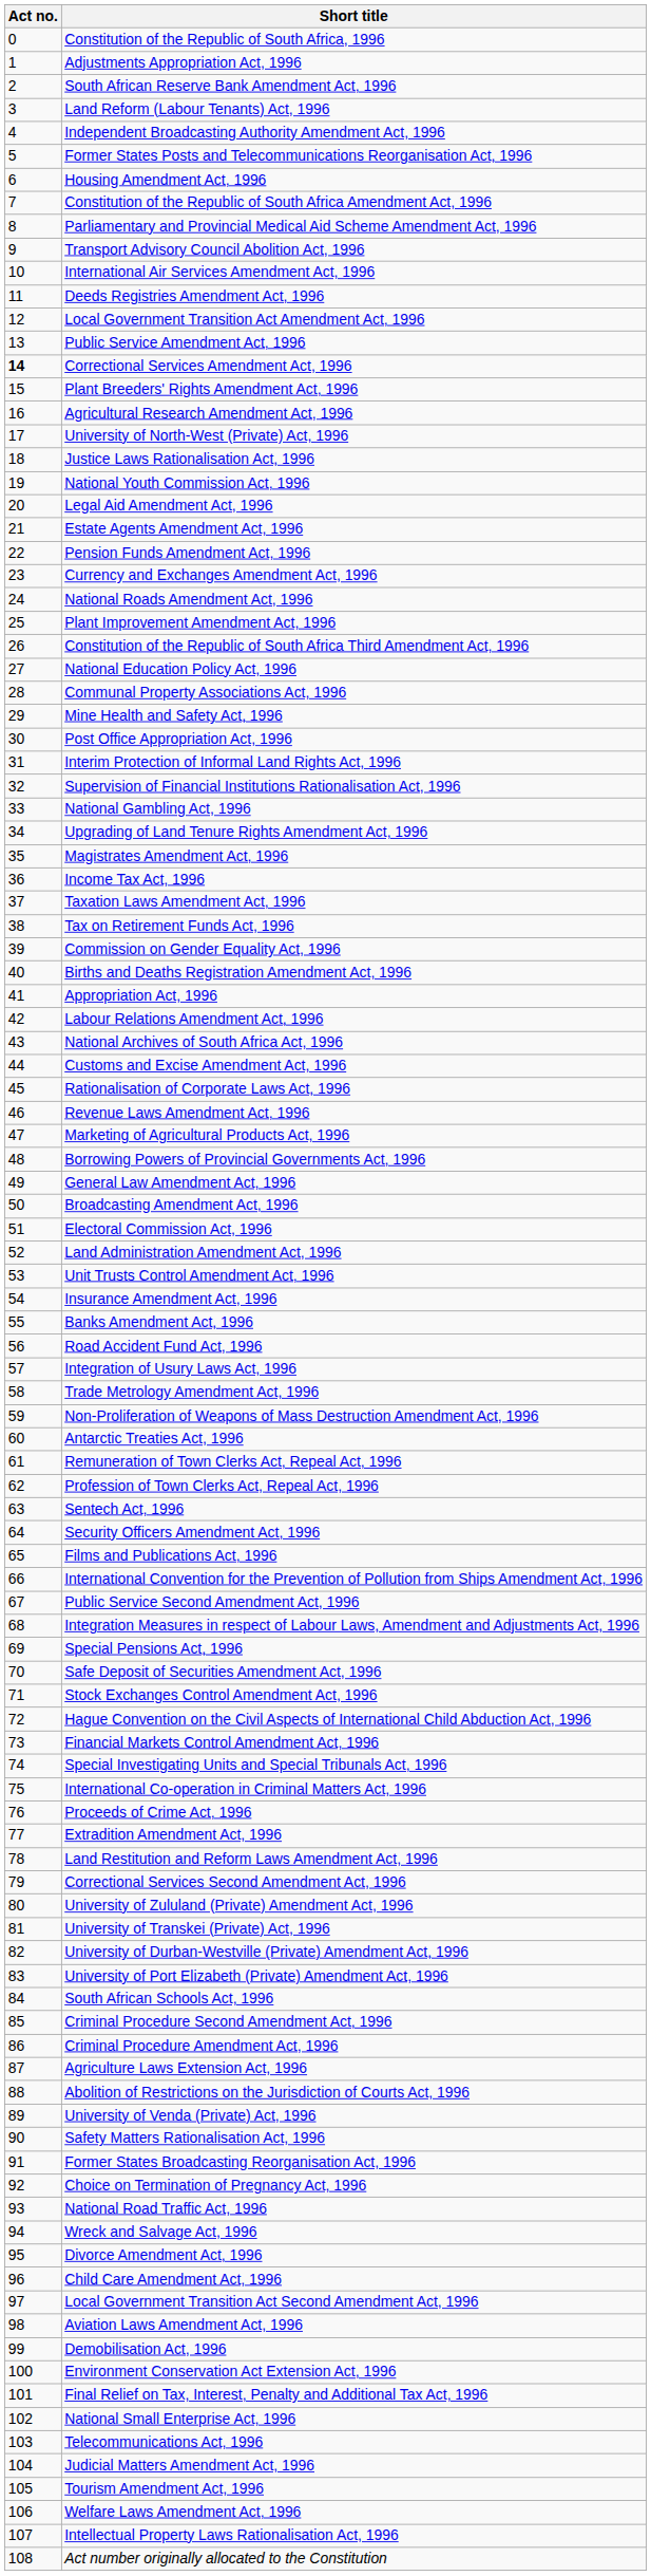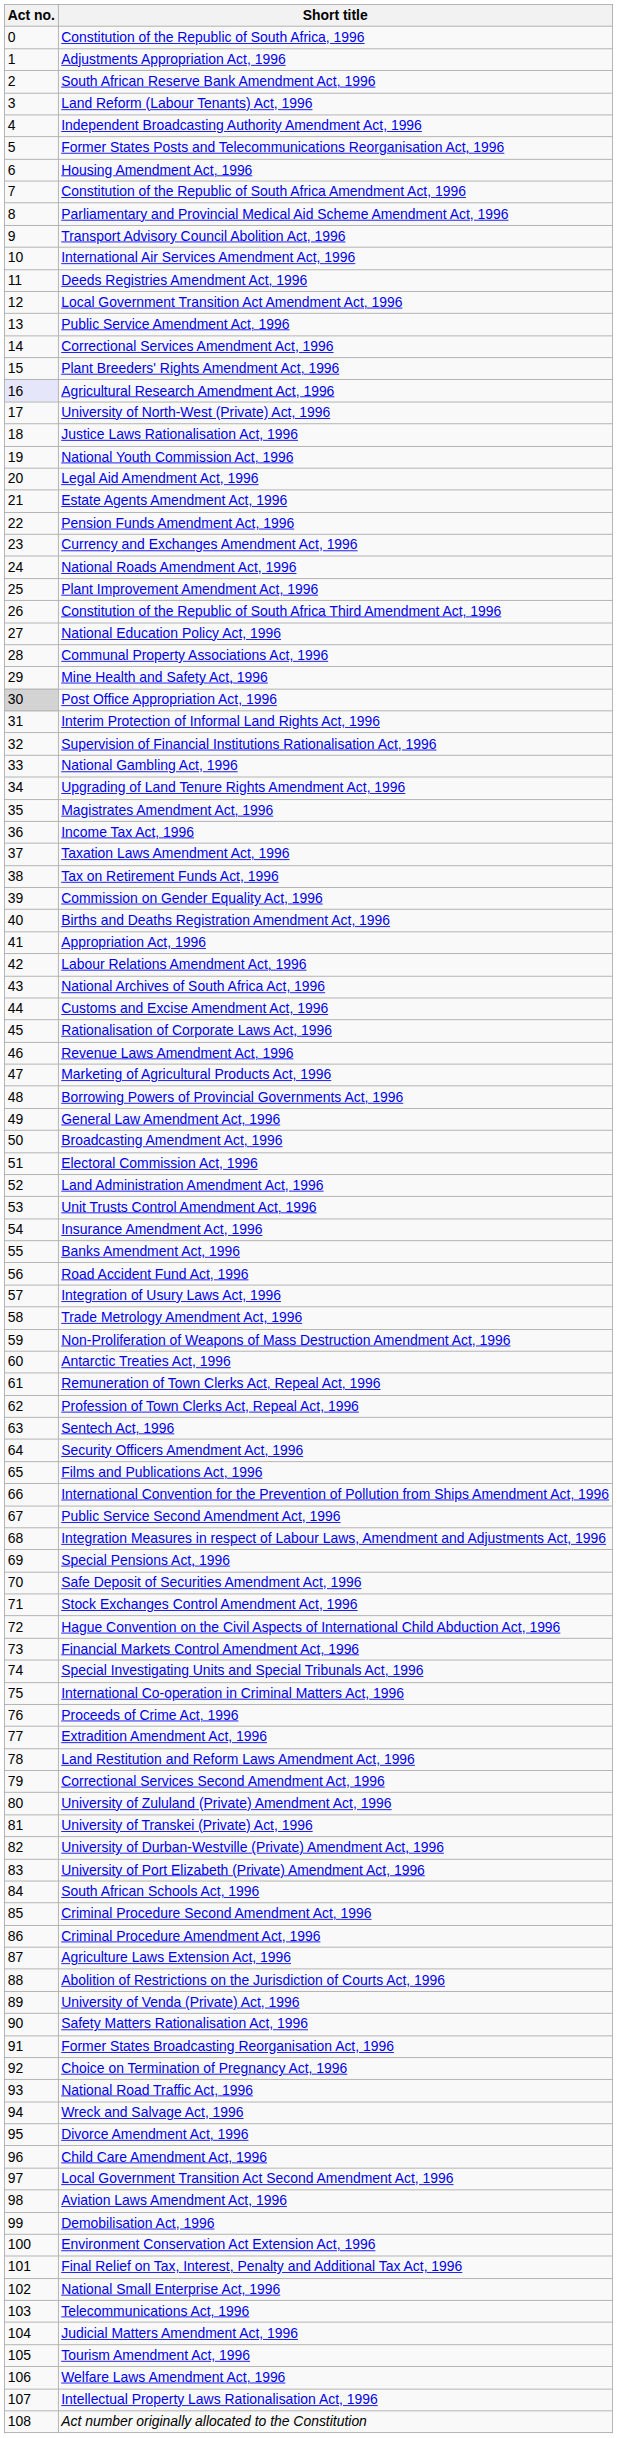 <table class="wikitable sortable">
 <tr>
 <th>Act no.</th>
 <th>Short title</th>
 </tr>
 <tr>
 <td><span>0</span></td>
 <td><a href='#'>Constitution of the Republic of South Africa, 1996</a></td>
 </tr>
 <tr>
 <td>1</td>
 <td><a href='#'>Adjustments Appropriation Act, 1996</a></td>
 </tr>
 <tr>
 <td>2</td>
 <td><a href='#'>South African Reserve Bank Amendment Act, 1996</a></td>
 </tr>
 <tr>
 <td>3</td>
 <td><a href='#'>Land Reform (Labour Tenants) Act, 1996</a></td>
 </tr>
 <tr>
 <td>4</td>
 <td><a href='#'>Independent Broadcasting Authority Amendment Act, 1996</a></td>
 </tr>
 <tr>
 <td>5</td>
 <td><a href='#'>Former States Posts and Telecommunications Reorganisation Act, 1996</a></td>
 </tr>
 <tr>
 <td>6</td>
 <td><a href='#'>Housing Amendment Act, 1996</a></td>
 </tr>
 <tr>
 <td>7</td>
 <td><a href='#'>Constitution of the Republic of South Africa Amendment Act, 1996</a></td>
 </tr>
 <tr>
 <td>8</td>
 <td><a href='#'>Parliamentary and Provincial Medical Aid Scheme Amendment Act, 1996</a></td>
 </tr>
 <tr>
 <td>9</td>
 <td><a href='#'>Transport Advisory Council Abolition Act, 1996</a></td>
 </tr>
 <tr>
 <td>10</td>
 <td><a href='#'>International Air Services Amendment Act, 1996</a></td>
 </tr>
 <tr>
 <td>11</td>
 <td><a href='#'>Deeds Registries Amendment Act, 1996</a></td>
 </tr>
 <tr>
 <td>12</td>
 <td><a href='#'>Local Government Transition Act Amendment Act, 1996</a></td>
 </tr>
 <tr>
 <td>13</td>
 <td><a href='#'>Public Service Amendment Act, 1996</a></td>
 </tr>
 <tr>
-<td><strong>14</strong></td>
+<td>14</td>
 <td><a href='#'>Correctional Services Amendment Act, 1996</a></td>
 </tr>
 <tr>
 <td>15</td>
 <td><a href='#'>Plant Breeders' Rights Amendment Act, 1996</a></td>
 </tr>
 <tr>
-<td>16</td>
+<td style="background: lavender;">16</td>
 <td><a href='#'>Agricultural Research Amendment Act, 1996</a></td>
 </tr>
 <tr>
 <td>17</td>
 <td><a href='#'>University of North-West (Private) Act, 1996</a></td>
 </tr>
 <tr>
 <td>18</td>
 <td><a href='#'>Justice Laws Rationalisation Act, 1996</a></td>
 </tr>
 <tr>
 <td>19</td>
 <td><a href='#'>National Youth Commission Act, 1996</a></td>
 </tr>
 <tr>
 <td>20</td>
 <td><a href='#'>Legal Aid Amendment Act, 1996</a></td>
 </tr>
 <tr>
 <td>21</td>
 <td><a href='#'>Estate Agents Amendment Act, 1996</a></td>
 </tr>
 <tr>
 <td>22</td>
 <td><a href='#'>Pension Funds Amendment Act, 1996</a></td>
 </tr>
 <tr>
 <td>23</td>
 <td><a href='#'>Currency and Exchanges Amendment Act, 1996</a></td>
 </tr>
 <tr>
 <td>24</td>
 <td><a href='#'>National Roads Amendment Act, 1996</a></td>
 </tr>
 <tr>
 <td>25</td>
 <td><a href='#'>Plant Improvement Amendment Act, 1996</a></td>
 </tr>
 <tr>
 <td>26</td>
 <td><a href='#'>Constitution of the Republic of South Africa Third Amendment Act, 1996</a></td>
 </tr>
 <tr>
 <td>27</td>
 <td><a href='#'>National Education Policy Act, 1996</a></td>
 </tr>
 <tr>
 <td>28</td>
 <td><a href='#'>Communal Property Associations Act, 1996</a></td>
 </tr>
 <tr>
 <td>29</td>
 <td><a href='#'>Mine Health and Safety Act, 1996</a></td>
 </tr>
 <tr>
-<td>30</td>
+<td style="background: lightgrey;">30</td>
 <td><a href='#'>Post Office Appropriation Act, 1996</a></td>
 </tr>
 <tr>
 <td>31</td>
 <td><a href='#'>Interim Protection of Informal Land Rights Act, 1996</a></td>
 </tr>
 <tr>
 <td>32</td>
 <td><a href='#'>Supervision of Financial Institutions Rationalisation Act, 1996</a></td>
 </tr>
 <tr>
 <td>33</td>
 <td><a href='#'>National Gambling Act, 1996</a></td>
 </tr>
 <tr>
 <td>34</td>
 <td><a href='#'>Upgrading of Land Tenure Rights Amendment Act, 1996</a></td>
 </tr>
 <tr>
 <td>35</td>
 <td><a href='#'>Magistrates Amendment Act, 1996</a></td>
 </tr>
 <tr>
 <td>36</td>
 <td><a href='#'>Income Tax Act, 1996</a></td>
 </tr>
 <tr>
 <td>37</td>
 <td><a href='#'>Taxation Laws Amendment Act, 1996</a></td>
 </tr>
 <tr>
 <td>38</td>
 <td><a href='#'>Tax on Retirement Funds Act, 1996</a></td>
 </tr>
 <tr>
 <td>39</td>
 <td><a href='#'>Commission on Gender Equality Act, 1996</a></td>
 </tr>
 <tr>
 <td>40</td>
 <td><a href='#'>Births and Deaths Registration Amendment Act, 1996</a></td>
 </tr>
 <tr>
 <td>41</td>
 <td><a href='#'>Appropriation Act, 1996</a></td>
 </tr>
 <tr>
 <td>42</td>
 <td><a href='#'>Labour Relations Amendment Act, 1996</a></td>
 </tr>
 <tr>
 <td>43</td>
 <td><a href='#'>National Archives of South Africa Act, 1996</a></td>
 </tr>
 <tr>
 <td>44</td>
 <td><a href='#'>Customs and Excise Amendment Act, 1996</a></td>
 </tr>
 <tr>
 <td>45</td>
 <td><a href='#'>Rationalisation of Corporate Laws Act, 1996</a></td>
 </tr>
 <tr>
 <td>46</td>
 <td><a href='#'>Revenue Laws Amendment Act, 1996</a></td>
 </tr>
 <tr>
 <td>47</td>
 <td><a href='#'>Marketing of Agricultural Products Act, 1996</a></td>
 </tr>
 <tr>
 <td>48</td>
 <td><a href='#'>Borrowing Powers of Provincial Governments Act, 1996</a></td>
 </tr>
 <tr>
 <td>49</td>
 <td><a href='#'>General Law Amendment Act, 1996</a></td>
 </tr>
 <tr>
 <td>50</td>
 <td><a href='#'>Broadcasting Amendment Act, 1996</a></td>
 </tr>
 <tr>
 <td>51</td>
 <td><a href='#'>Electoral Commission Act, 1996</a></td>
 </tr>
 <tr>
 <td>52</td>
 <td><a href='#'>Land Administration Amendment Act, 1996</a></td>
 </tr>
 <tr>
 <td>53</td>
 <td><a href='#'>Unit Trusts Control Amendment Act, 1996</a></td>
 </tr>
 <tr>
 <td>54</td>
 <td><a href='#'>Insurance Amendment Act, 1996</a></td>
 </tr>
 <tr>
 <td>55</td>
 <td><a href='#'>Banks Amendment Act, 1996</a></td>
 </tr>
 <tr>
 <td>56</td>
 <td><a href='#'>Road Accident Fund Act, 1996</a></td>
 </tr>
 <tr>
 <td>57</td>
 <td><a href='#'>Integration of Usury Laws Act, 1996</a></td>
 </tr>
 <tr>
 <td>58</td>
 <td><a href='#'>Trade Metrology Amendment Act, 1996</a></td>
 </tr>
 <tr>
 <td>59</td>
 <td><a href='#'>Non-Proliferation of Weapons of Mass Destruction Amendment Act, 1996</a></td>
 </tr>
 <tr>
 <td>60</td>
 <td><a href='#'>Antarctic Treaties Act, 1996</a></td>
 </tr>
 <tr>
 <td>61</td>
 <td><a href='#'>Remuneration of Town Clerks Act, Repeal Act, 1996</a></td>
 </tr>
 <tr>
 <td>62</td>
 <td><a href='#'>Profession of Town Clerks Act, Repeal Act, 1996</a></td>
 </tr>
 <tr>
 <td>63</td>
 <td><a href='#'>Sentech Act, 1996</a></td>
 </tr>
 <tr>
 <td>64</td>
 <td><a href='#'>Security Officers Amendment Act, 1996</a></td>
 </tr>
 <tr>
 <td>65</td>
 <td><a href='#'>Films and Publications Act, 1996</a></td>
 </tr>
 <tr>
 <td>66</td>
 <td><a href='#'>International Convention for the Prevention of Pollution from Ships Amendment Act, 1996</a></td>
 </tr>
 <tr>
 <td>67</td>
 <td><a href='#'>Public Service Second Amendment Act, 1996</a></td>
 </tr>
 <tr>
 <td>68</td>
 <td><a href='#'>Integration Measures in respect of Labour Laws, Amendment and Adjustments Act, 1996</a></td>
 </tr>
 <tr>
 <td>69</td>
 <td><a href='#'>Special Pensions Act, 1996</a></td>
 </tr>
 <tr>
 <td>70</td>
 <td><a href='#'>Safe Deposit of Securities Amendment Act, 1996</a></td>
 </tr>
 <tr>
 <td>71</td>
 <td><a href='#'>Stock Exchanges Control Amendment Act, 1996</a></td>
 </tr>
 <tr>
 <td>72</td>
 <td><a href='#'>Hague Convention on the Civil Aspects of International Child Abduction Act, 1996</a></td>
 </tr>
 <tr>
 <td>73</td>
 <td><a href='#'>Financial Markets Control Amendment Act, 1996</a></td>
 </tr>
 <tr>
 <td>74</td>
 <td><a href='#'>Special Investigating Units and Special Tribunals Act, 1996</a></td>
 </tr>
 <tr>
 <td>75</td>
 <td><a href='#'>International Co-operation in Criminal Matters Act, 1996</a></td>
 </tr>
 <tr>
 <td>76</td>
 <td><a href='#'>Proceeds of Crime Act, 1996</a></td>
 </tr>
 <tr>
 <td>77</td>
 <td><a href='#'>Extradition Amendment Act, 1996</a></td>
 </tr>
 <tr>
 <td>78</td>
 <td><a href='#'>Land Restitution and Reform Laws Amendment Act, 1996</a></td>
 </tr>
 <tr>
 <td>79</td>
 <td><a href='#'>Correctional Services Second Amendment Act, 1996</a></td>
 </tr>
 <tr>
 <td>80</td>
 <td><a href='#'>University of Zululand (Private) Amendment Act, 1996</a></td>
 </tr>
 <tr>
 <td>81</td>
 <td><a href='#'>University of Transkei (Private) Act, 1996</a></td>
 </tr>
 <tr>
 <td>82</td>
 <td><a href='#'>University of Durban-Westville (Private) Amendment Act, 1996</a></td>
 </tr>
 <tr>
 <td>83</td>
 <td><a href='#'>University of Port Elizabeth (Private) Amendment Act, 1996</a></td>
 </tr>
 <tr>
 <td>84</td>
 <td><a href='#'>South African Schools Act, 1996</a></td>
 </tr>
 <tr>
 <td>85</td>
 <td><a href='#'>Criminal Procedure Second Amendment Act, 1996</a></td>
 </tr>
 <tr>
 <td>86</td>
 <td><a href='#'>Criminal Procedure Amendment Act, 1996</a></td>
 </tr>
 <tr>
 <td>87</td>
 <td><a href='#'>Agriculture Laws Extension Act, 1996</a></td>
 </tr>
 <tr>
 <td>88</td>
 <td><a href='#'>Abolition of Restrictions on the Jurisdiction of Courts Act, 1996</a></td>
 </tr>
 <tr>
 <td>89</td>
 <td><a href='#'>University of Venda (Private) Act, 1996</a></td>
 </tr>
 <tr>
 <td>90</td>
 <td><a href='#'>Safety Matters Rationalisation Act, 1996</a></td>
 </tr>
 <tr>
 <td>91</td>
 <td><a href='#'>Former States Broadcasting Reorganisation Act, 1996</a></td>
 </tr>
 <tr>
 <td>92</td>
 <td><a href='#'>Choice on Termination of Pregnancy Act, 1996</a></td>
 </tr>
 <tr>
 <td>93</td>
 <td><a href='#'>National Road Traffic Act, 1996</a></td>
 </tr>
 <tr>
 <td>94</td>
 <td><a href='#'>Wreck and Salvage Act, 1996</a></td>
 </tr>
 <tr>
 <td>95</td>
 <td><a href='#'>Divorce Amendment Act, 1996</a></td>
 </tr>
 <tr>
 <td>96</td>
 <td><a href='#'>Child Care Amendment Act, 1996</a></td>
 </tr>
 <tr>
 <td>97</td>
 <td><a href='#'>Local Government Transition Act Second Amendment Act, 1996</a></td>
 </tr>
 <tr>
 <td>98</td>
 <td><a href='#'>Aviation Laws Amendment Act, 1996</a></td>
 </tr>
 <tr>
 <td>99</td>
 <td><a href='#'>Demobilisation Act, 1996</a></td>
 </tr>
 <tr>
 <td>100</td>
 <td><a href='#'>Environment Conservation Act Extension Act, 1996</a></td>
 </tr>
 <tr>
 <td>101</td>
 <td><a href='#'>Final Relief on Tax, Interest, Penalty and Additional Tax Act, 1996</a></td>
 </tr>
 <tr>
 <td>102</td>
 <td><a href='#'>National Small Enterprise Act, 1996</a></td>
 </tr>
 <tr>
 <td>103</td>
 <td><a href='#'>Telecommunications Act, 1996</a></td>
 </tr>
 <tr>
 <td>104</td>
 <td><a href='#'>Judicial Matters Amendment Act, 1996</a></td>
 </tr>
 <tr>
 <td>105</td>
 <td><a href='#'>Tourism Amendment Act, 1996</a></td>
 </tr>
 <tr>
 <td>106</td>
 <td><a href='#'>Welfare Laws Amendment Act, 1996</a></td>
 </tr>
 <tr>
 <td>107</td>
 <td><a href='#'>Intellectual Property Laws Rationalisation Act, 1996</a></td>
 </tr>
 <tr>
 <td>108</td>
 <td><em>Act number originally allocated to the Constitution</em></td>
 </tr>
 </table>
